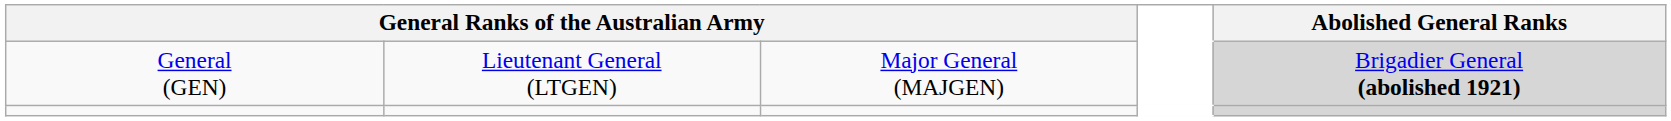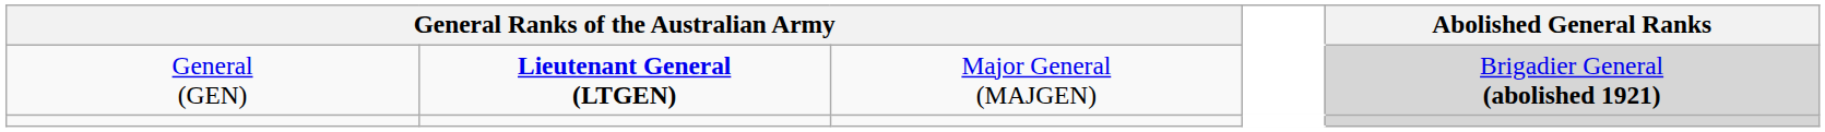 <table class="wikitable"  style="margin:auto; width:90%;">
 <tr>
 <th colspan=3>General Ranks of the Australian Army</th>
 <th colspan="1" style="width:4%;background-color:#ffffff;border-bottom: 1px solid #ffffff;"></th>
 <th colspan="1" style="width:24%">Abolished General Ranks</th>
 </tr>
 <tr align=center>
 <td width="20%"><a href='#'>General</a><br>(GEN)</td>
-<td width="20%"><a href='#'>Lieutenant General</a><br>(LTGEN)</td>
+<td width="20%"><strong><a href='#'>Lieutenant General</a><br>(LTGEN)</strong></td>
 <td width="20%"><a href='#'>Major General</a><br>(MAJGEN)</td>
 <td colspan="1" style="width:4%;background-color:#ffffff;border-bottom: 1px solid #ffffff;"></td>
 <td colspan="1" style="background-color:#d6d6d6"><a href='#'>Brigadier General</a><br><strong>(abolished 1921)</strong></td>
 </tr>
 <tr style="text-align:center;">
 <td></td>
 <td></td>
 <td></td>
 <td colspan="1" style="background-color:#ffffff;border-bottom: 1px solid #ffffff;"></td>
 <td colspan="1" style="background-color:#d6d6d6"></td>
 </tr>
 </table>
